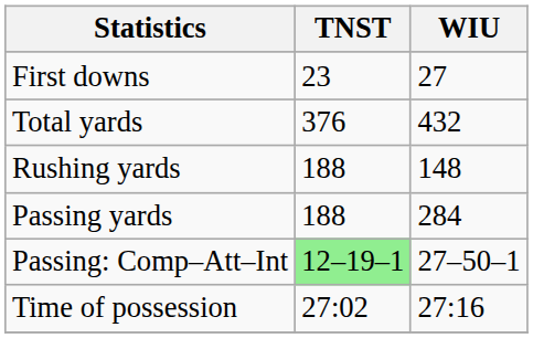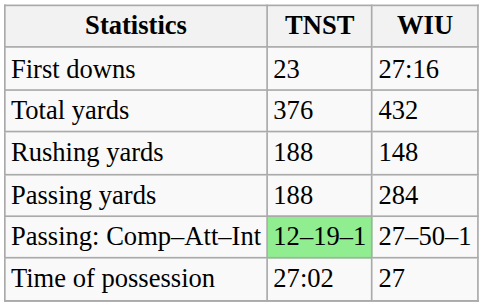 <table class="wikitable" style="float: left;">
 <tr>
 <th>Statistics</th>
 <th>TNST</th>
 <th>WIU</th>
 </tr>
 <tr>
 <td>First downs</td>
 <td>23</td>
-<td>27</td>
+<td>27:16</td>
 </tr>
 <tr>
 <td>Total yards</td>
 <td>376</td>
 <td>432</td>
 </tr>
 <tr>
 <td>Rushing yards</td>
 <td>188</td>
 <td>148</td>
 </tr>
 <tr>
 <td>Passing yards</td>
 <td>188</td>
 <td>284</td>
 </tr>
 <tr>
 <td>Passing: Comp–Att–Int</td>
 <td style="background: lightgreen;">12–19–1</td>
 <td>27–50–1</td>
 </tr>
 <tr>
 <td>Time of possession</td>
 <td>27:02</td>
-<td>27:16</td>
+<td>27</td>
 </tr>
 <tr>
 </tr>
 </table>
